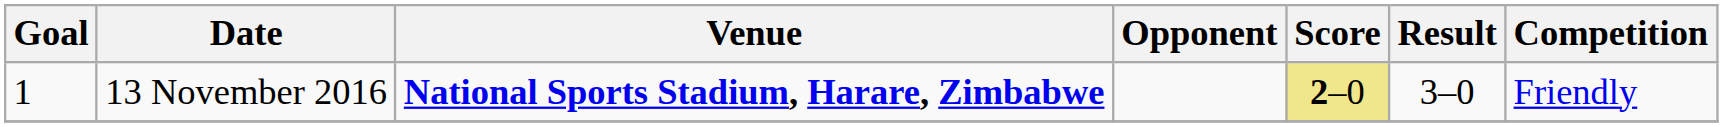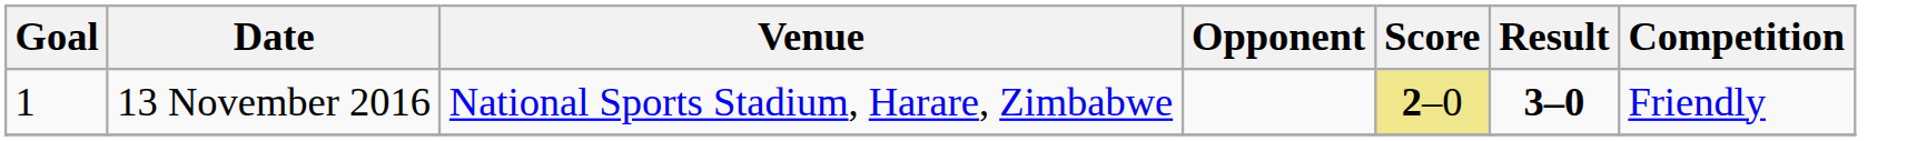 <table class="wikitable plainrowheaders sortable">
 <tr>
 <th>Goal</th>
 <th>Date</th>
 <th>Venue</th>
 <th>Opponent</th>
 <th>Score</th>
 <th>Result</th>
 <th>Competition</th>
 </tr>
 <tr>
 <td>1</td>
 <td>13 November 2016</td>
-<td><strong><a href='#'>National Sports Stadium</a>, <a href='#'>Harare</a>, <a href='#'>Zimbabwe</a></strong></td>
+<td><a href='#'>National Sports Stadium</a>, <a href='#'>Harare</a>, <a href='#'>Zimbabwe</a></td>
 <td></td>
 <td align=center style="background: khaki;"><strong>2</strong>–0</td>
-<td align=center>3–0</td>
+<td align=center><strong>3–0</strong></td>
 <td><a href='#'>Friendly</a></td>
 </tr>
 <tr>
 </tr>
 </table>
